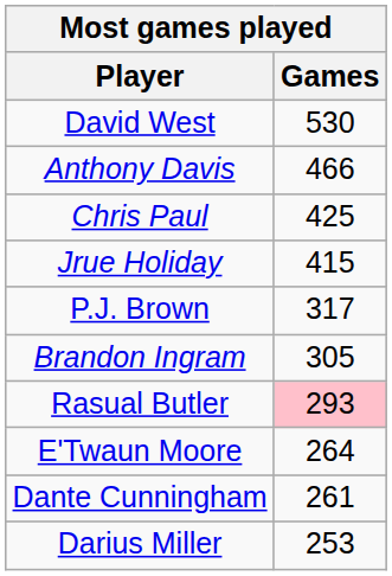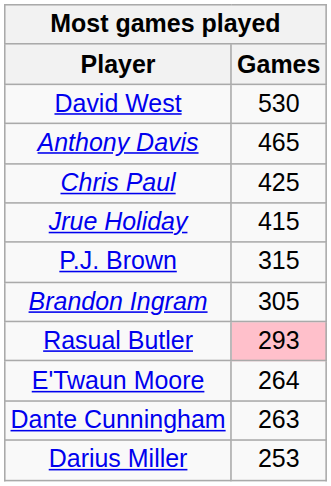 <table class="wikitable sortable" style="text-align:center">
 <tr>
 <th colspan="5">Most games played</th>
 </tr>
 <tr>
 <th>Player</th>
 <th>Games</th>
 </tr>
 <tr>
 <td><a href='#'>David West</a></td>
 <td>530</td>
 </tr>
 <tr>
 <td><em><a href='#'>Anthony Davis</a></em></td>
-<td>466</td>
+<td>465</td>
 </tr>
 <tr>
 <td><em><a href='#'>Chris Paul</a></em></td>
 <td>425</td>
 </tr>
 <tr>
 <td><em><a href='#'>Jrue Holiday</a></em></td>
 <td>415</td>
 </tr>
 <tr>
 <td><a href='#'>P.J. Brown</a></td>
-<td>317</td>
+<td>315</td>
 </tr>
 <tr>
 <td><em><a href='#'>Brandon Ingram</a></em></td>
 <td>305</td>
 </tr>
 <tr>
 <td><a href='#'>Rasual Butler</a></td>
 <td style="background: pink;">293</td>
 </tr>
 <tr>
 <td><a href='#'>E'Twaun Moore</a></td>
 <td>264</td>
 </tr>
 <tr>
 <td><a href='#'>Dante Cunningham</a></td>
-<td>261</td>
+<td>263</td>
 </tr>
 <tr>
 <td><a href='#'>Darius Miller</a></td>
 <td>253</td>
 </tr>
 </table>
